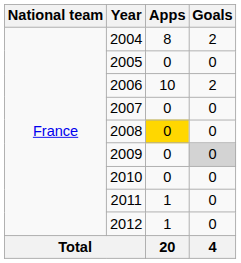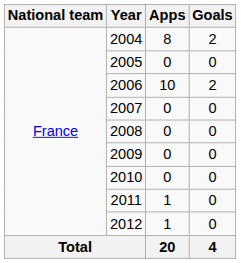 <table class="wikitable" style="text-align:center">
 <tr>
 <th>National team</th>
 <th>Year</th>
 <th>Apps</th>
 <th>Goals</th>
 </tr>
 <tr>
 <td rowspan="9"><a href='#'>France</a></td>
 <td>2004</td>
 <td>8</td>
 <td>2</td>
 </tr>
 <tr>
 <td>2005</td>
 <td>0</td>
 <td>0</td>
 </tr>
 <tr>
 <td>2006</td>
 <td>10</td>
 <td>2</td>
 </tr>
 <tr>
 <td>2007</td>
 <td>0</td>
 <td>0</td>
 </tr>
 <tr>
 <td>2008</td>
-<td style="background: gold;">0</td>
+<td>0</td>
 <td>0</td>
 </tr>
 <tr>
 <td>2009</td>
 <td>0</td>
-<td style="background: lightgrey;">0</td>
+<td>0</td>
 </tr>
 <tr>
 <td>2010</td>
 <td>0</td>
 <td>0</td>
 </tr>
 <tr>
 <td>2011</td>
 <td>1</td>
 <td>0</td>
 </tr>
 <tr>
 <td>2012</td>
 <td>1</td>
 <td>0</td>
 </tr>
 <tr>
 <th colspan="2">Total</th>
 <th>20</th>
 <th>4</th>
 </tr>
 </table>
